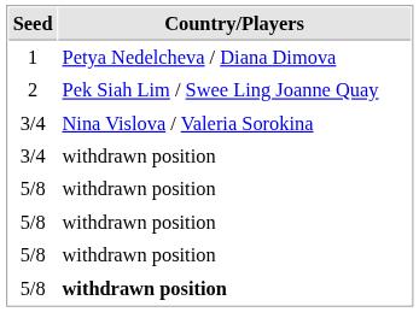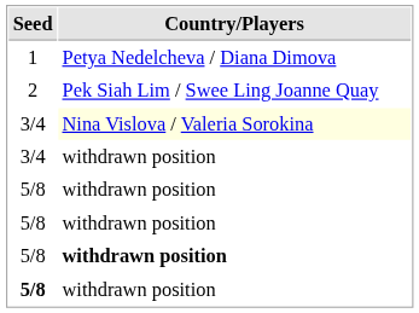 <table cellspacing="1" cellpadding="3" style="border:1px solid #AAAAAA;font-size:90%">
 <tr bgcolor="#E4E4E4">
 <th style="border-bottom:1px solid #AAAAAA" width=20>Seed</th>
 <th style="border-bottom:1px solid #AAAAAA" width=250>Country/Players</th>
 </tr>
 <tr>
 <td align="center">1</td>
 <td> <a href='#'>Petya Nedelcheva</a> / <a href='#'>Diana Dimova</a></td>
 </tr>
 <tr>
 <td align="center">2</td>
 <td> <a href='#'>Pek Siah Lim</a> / <a href='#'>Swee Ling Joanne Quay</a></td>
 </tr>
 <tr>
 <td align="center">3/4</td>
-<td> <a href='#'>Nina Vislova</a> / <a href='#'>Valeria Sorokina</a></td>
+<td style="background: lightyellow;"> <a href='#'>Nina Vislova</a> / <a href='#'>Valeria Sorokina</a></td>
 </tr>
 <tr>
 <td align="center">3/4</td>
 <td>withdrawn position</td>
 </tr>
 <tr>
 <td align="center">5/8</td>
 <td>withdrawn position</td>
 </tr>
 <tr>
 <td align="center">5/8</td>
 <td>withdrawn position</td>
 </tr>
 <tr>
 <td align="center">5/8</td>
+<td><strong>withdrawn position</strong></td>
+</tr>
+<tr>
+<td align="center"><strong>5/8</strong></td>
 <td>withdrawn position</td>
 </tr>
-<tr>
-<td align="center">5/8</td>
-<td><strong>withdrawn position</strong></td>
-</tr>
 </table>
